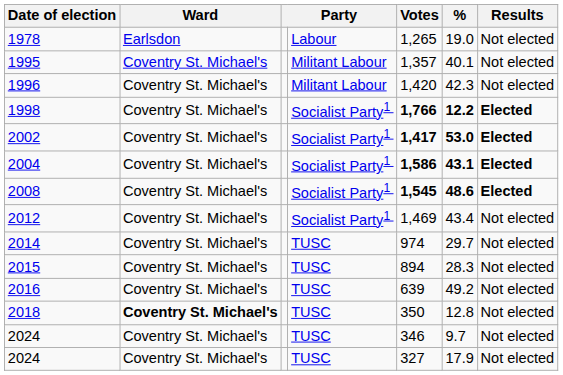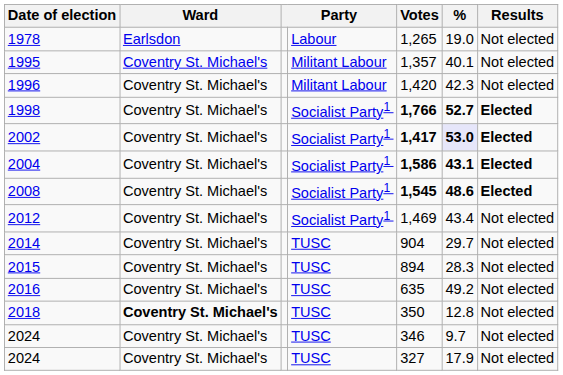 <table class="wikitable">
 <tr>
 <th>Date of election</th>
 <th>Ward</th>
 <th colspan=2>Party</th>
 <th>Votes</th>
 <th>%</th>
 <th>Results</th>
 </tr>
 <tr>
 <td><a href='#'>1978</a></td>
 <td><a href='#'>Earlsdon</a></td>
 <td style="background:"></td>
 <td><a href='#'>Labour</a></td>
 <td>1,265</td>
 <td>19.0</td>
 <td>Not elected</td>
 </tr>
 <tr>
 <td><a href='#'>1995</a></td>
 <td><a href='#'>Coventry St. Michael's</a></td>
 <td style="background:"></td>
 <td><a href='#'>Militant Labour</a></td>
 <td>1,357</td>
 <td>40.1</td>
 <td>Not elected</td>
 </tr>
 <tr>
 <td><a href='#'>1996</a></td>
 <td>Coventry St. Michael's</td>
 <td style="background:"></td>
 <td><a href='#'>Militant Labour</a></td>
 <td>1,420</td>
 <td>42.3</td>
 <td>Not elected</td>
 </tr>
 <tr>
 <td><a href='#'>1998</a></td>
 <td>Coventry St. Michael's</td>
 <td style="background:"></td>
 <td><a href='#'>Socialist Party</a><sup><a href='#'>1 </a></sup></td>
 <td><strong>1,766</strong></td>
-<td><strong>12.2</strong></td>
+<td><strong>52.7</strong></td>
 <td><strong>Elected</strong></td>
 </tr>
 <tr>
 <td><a href='#'>2002</a></td>
 <td>Coventry St. Michael's</td>
 <td style="background:"></td>
 <td><a href='#'>Socialist Party</a><sup><a href='#'>1 </a></sup></td>
 <td><strong>1,417</strong></td>
-<td><strong>53.0</strong></td>
+<td style="background: lavender;"><strong>53.0</strong></td>
 <td><strong>Elected</strong></td>
 </tr>
 <tr>
 <td><a href='#'>2004</a></td>
 <td>Coventry St. Michael's</td>
 <td style="background:"></td>
 <td><a href='#'>Socialist Party</a><sup><a href='#'>1 </a></sup></td>
 <td><strong>1,586</strong></td>
 <td><strong>43.1</strong></td>
 <td><strong>Elected</strong></td>
 </tr>
 <tr>
 <td><a href='#'>2008</a></td>
 <td>Coventry St. Michael's</td>
 <td style="background:"></td>
 <td><a href='#'>Socialist Party</a><sup><a href='#'>1 </a></sup></td>
 <td><strong>1,545</strong></td>
 <td><strong>48.6</strong></td>
 <td><strong>Elected</strong></td>
 </tr>
 <tr>
 <td><a href='#'>2012</a></td>
 <td>Coventry St. Michael's</td>
 <td style="background:"></td>
 <td><a href='#'>Socialist Party</a><sup><a href='#'>1 </a></sup></td>
 <td>1,469</td>
 <td>43.4</td>
 <td>Not elected</td>
 </tr>
 <tr>
 <td><a href='#'>2014</a></td>
 <td>Coventry St. Michael's</td>
 <td style="background:"></td>
 <td><a href='#'>TUSC</a></td>
-<td>974</td>
+<td>904</td>
 <td>29.7</td>
 <td>Not elected</td>
 </tr>
 <tr>
 <td><a href='#'>2015</a></td>
 <td>Coventry St. Michael's</td>
 <td style="background:"></td>
 <td><a href='#'>TUSC</a></td>
 <td>894</td>
 <td>28.3</td>
 <td>Not elected</td>
 </tr>
 <tr>
 <td><a href='#'>2016</a></td>
 <td>Coventry St. Michael's</td>
 <td style="background:"></td>
 <td><a href='#'>TUSC</a></td>
-<td>639</td>
+<td>635</td>
 <td>49.2</td>
 <td>Not elected</td>
 </tr>
 <tr>
 <td><a href='#'>2018</a></td>
 <td><strong>Coventry St. Michael's</strong></td>
 <td style="background:"></td>
 <td><a href='#'>TUSC</a></td>
 <td>350</td>
 <td>12.8</td>
 <td>Not elected</td>
 </tr>
 <tr>
 <td>2024</td>
 <td>Coventry St. Michael's</td>
 <td style="background:"></td>
 <td><a href='#'>TUSC</a></td>
 <td>346</td>
 <td>9.7</td>
 <td>Not elected</td>
 </tr>
 <tr>
 <td>2024</td>
 <td>Coventry St. Michael's</td>
 <td style="background:"></td>
 <td><a href='#'>TUSC</a></td>
 <td>327</td>
 <td>17.9</td>
 <td>Not elected</td>
 </tr>
 </table>
